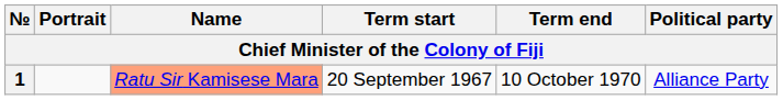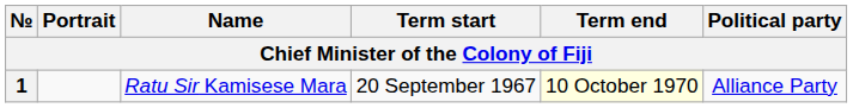 <table class="wikitable" style="text-align:center">
 <tr>
 <th>№</th>
 <th>Portrait</th>
 <th>Name<br></th>
 <th>Term start</th>
 <th>Term end</th>
 <th>Political party</th>
 </tr>
 <tr>
 <th colspan=6>Chief Minister of the <a href='#'>Colony of Fiji</a></th>
 </tr>
 <tr>
 <th style="background-color: ">1</th>
 <td></td>
-<td style="background: lightsalmon;"><a href='#'><em>Ratu Sir</em> Kamisese Mara</a><br></td>
+<td><a href='#'><em>Ratu Sir</em> Kamisese Mara</a><br></td>
 <td>20 September 1967</td>
-<td>10 October 1970</td>
+<td style="background: lightyellow;">10 October 1970</td>
 <td><a href='#'>Alliance Party</a></td>
 </tr>
 </table>
